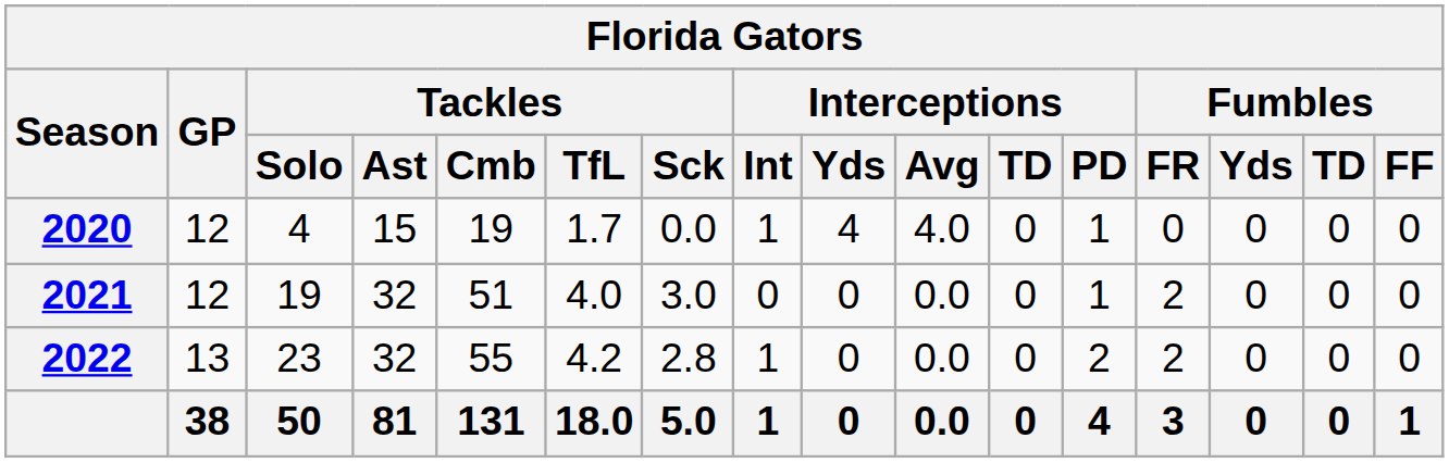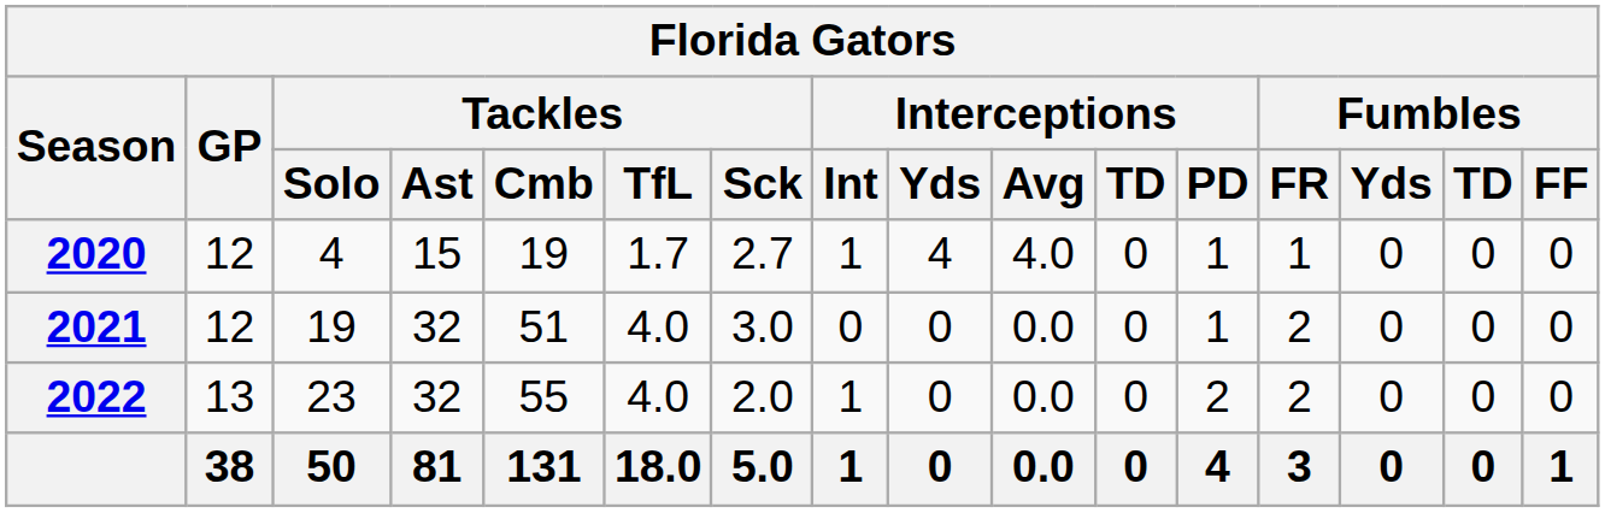 <table class="wikitable" style="text-align:center;">
 <tr>
 <th colspan="16">Florida Gators</th>
 </tr>
 <tr>
 <th rowspan="2">Season</th>
 <th rowspan="2">GP</th>
 <th colspan="5">Tackles</th>
 <th colspan="5">Interceptions</th>
 <th colspan="4">Fumbles</th>
 </tr>
 <tr>
 <th>Solo</th>
 <th>Ast</th>
 <th>Cmb</th>
 <th>TfL</th>
 <th>Sck</th>
 <th>Int</th>
 <th>Yds</th>
 <th>Avg</th>
 <th>TD</th>
 <th>PD</th>
 <th>FR</th>
 <th>Yds</th>
 <th>TD</th>
 <th>FF</th>
 </tr>
 <tr>
 <th><a href='#'>2020</a></th>
 <td>12</td>
 <td>4</td>
 <td>15</td>
 <td>19</td>
 <td>1.7</td>
-<td>0.0</td>
+<td>2.7</td>
 <td>1</td>
 <td>4</td>
 <td>4.0</td>
 <td>0</td>
 <td>1</td>
-<td>0</td>
+<td>1</td>
 <td>0</td>
 <td>0</td>
 <td>0</td>
 </tr>
 <tr>
 <th><a href='#'>2021</a></th>
 <td>12</td>
 <td>19</td>
 <td>32</td>
 <td>51</td>
 <td>4.0</td>
 <td>3.0</td>
 <td>0</td>
 <td>0</td>
 <td>0.0</td>
 <td>0</td>
 <td>1</td>
 <td>2</td>
 <td>0</td>
 <td>0</td>
 <td>0</td>
 </tr>
 <tr>
 <th><a href='#'>2022</a></th>
 <td>13</td>
 <td>23</td>
 <td>32</td>
 <td>55</td>
-<td>4.2</td>
-<td>2.8</td>
+<td>4.0</td>
+<td>2.0</td>
 <td>1</td>
 <td>0</td>
 <td>0.0</td>
 <td>0</td>
 <td>2</td>
 <td>2</td>
 <td>0</td>
 <td>0</td>
 <td>0</td>
 </tr>
 <tr>
 <th></th>
 <th>38</th>
 <th>50</th>
 <th>81</th>
 <th>131</th>
 <th>18.0</th>
 <th>5.0</th>
 <th>1</th>
 <th>0</th>
 <th>0.0</th>
 <th>0</th>
 <th>4</th>
 <th>3</th>
 <th>0</th>
 <th>0</th>
 <th>1</th>
 </tr>
 </table>
